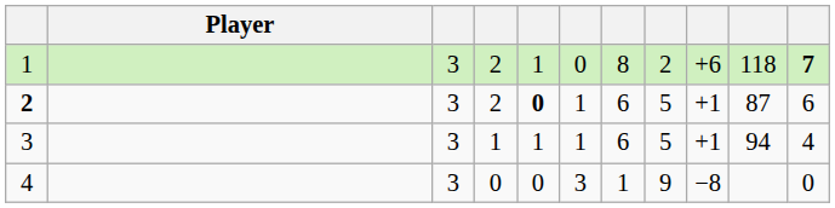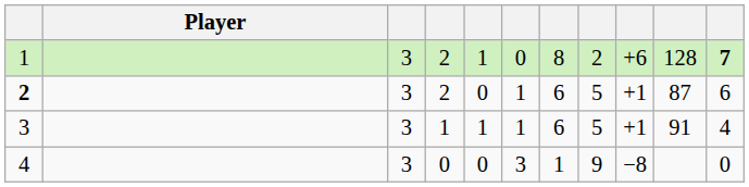 <table class="wikitable" style="text-align:center; margin: 1em auto 1em auto, align:left">
 <tr>
 <th width=20></th>
 <th width=240>Player</th>
 <th width=20></th>
 <th width=20></th>
 <th width=20></th>
 <th width=20></th>
 <th width=20></th>
 <th width=20></th>
 <th width=20></th>
 <th width=30></th>
 <th width=20></th>
 </tr>
 <tr style="background:#D0F0C0;">
 <td>1</td>
 <td align=left></td>
 <td>3</td>
 <td>2</td>
 <td>1</td>
 <td>0</td>
 <td>8</td>
 <td>2</td>
 <td>+6</td>
-<td>118</td>
+<td>128</td>
 <td><strong>7</strong></td>
 </tr>
 <tr style=>
 <td><strong>2</strong></td>
 <td align=left></td>
 <td>3</td>
 <td>2</td>
-<td><strong>0</strong></td>
+<td>0</td>
 <td>1</td>
 <td>6</td>
 <td>5</td>
 <td>+1</td>
 <td>87</td>
 <td>6</td>
 </tr>
 <tr style=>
 <td>3</td>
 <td align=left></td>
 <td>3</td>
 <td>1</td>
 <td>1</td>
 <td>1</td>
 <td>6</td>
 <td>5</td>
 <td>+1</td>
-<td>94</td>
+<td>91</td>
 <td>4</td>
 </tr>
 <tr style=>
 <td>4</td>
 <td align=left></td>
 <td>3</td>
 <td>0</td>
 <td>0</td>
 <td>3</td>
 <td>1</td>
 <td>9</td>
 <td>−8</td>
 <td></td>
 <td>0</td>
 </tr>
 </table>
